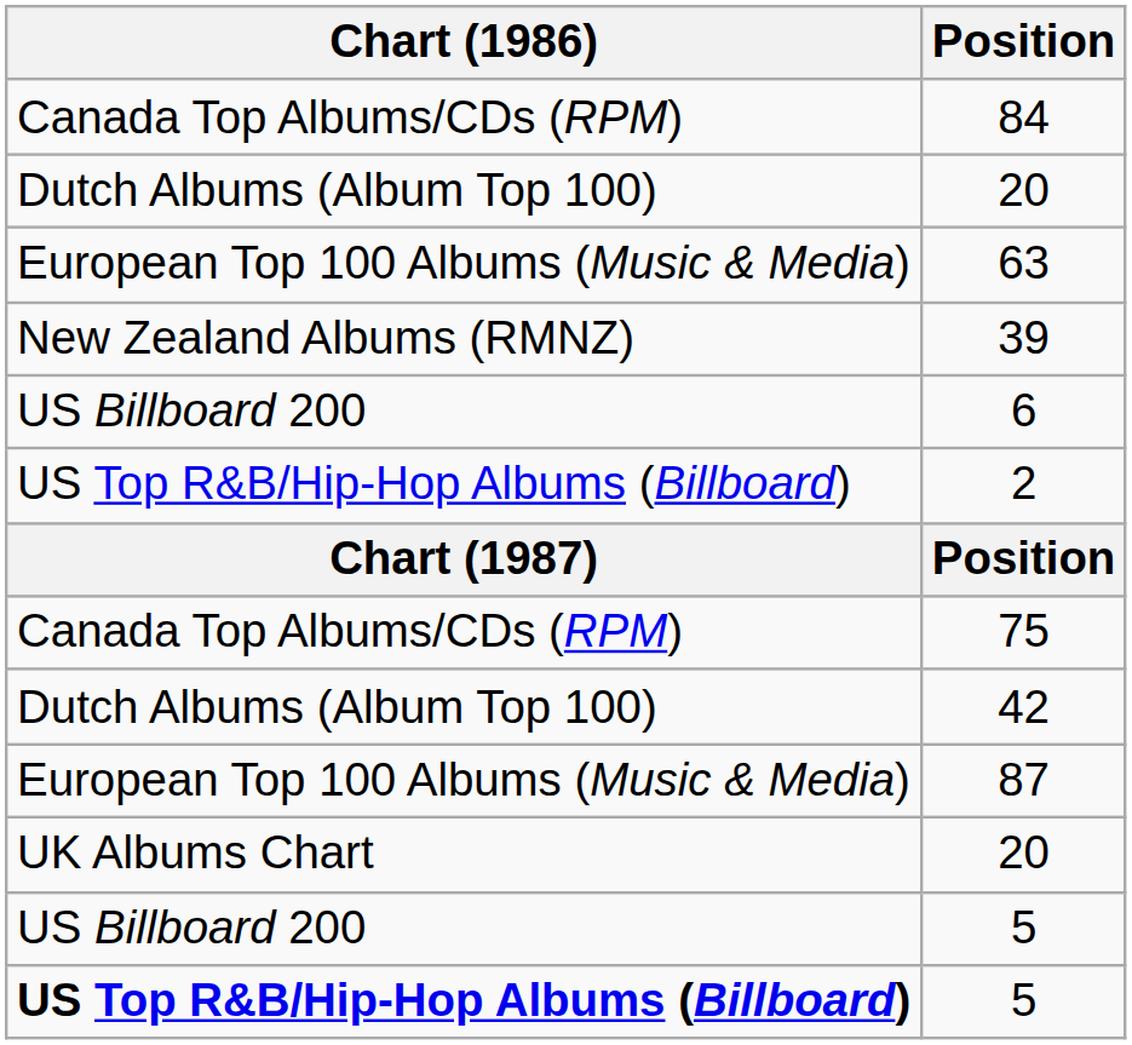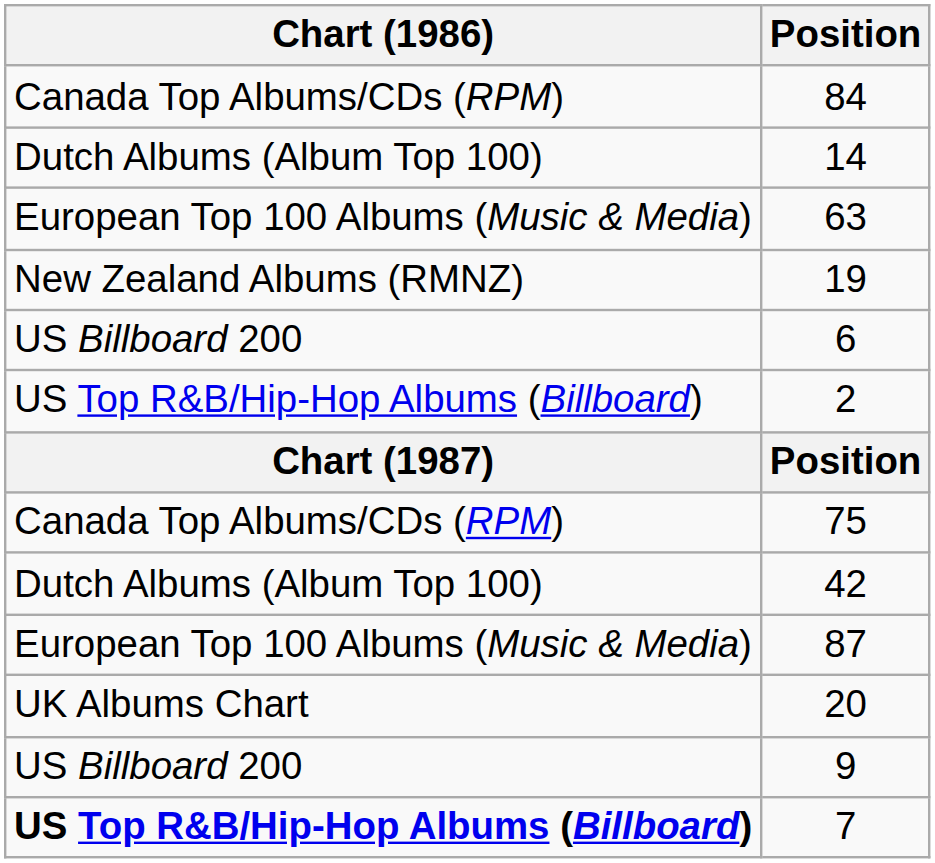 <table class="wikitable">
 <tr>
 <th>Chart (1986)</th>
 <th>Position</th>
 </tr>
 <tr>
 <td>Canada Top Albums/CDs (<em>RPM</em>)</td>
 <td align="center">84</td>
 </tr>
 <tr>
 <td>Dutch Albums (Album Top 100)</td>
-<td align="center">20</td>
+<td align="center">14</td>
 </tr>
 <tr>
 <td>European Top 100 Albums (<em>Music & Media</em>)</td>
 <td align="center">63</td>
 </tr>
 <tr>
 <td>New Zealand Albums (RMNZ)</td>
-<td align="center">39</td>
+<td align="center">19</td>
 </tr>
 <tr>
 <td>US <em>Billboard</em> 200</td>
 <td align="center">6</td>
 </tr>
 <tr>
 <td>US <a href='#'>Top R&B/Hip-Hop Albums</a> (<em><a href='#'>Billboard</a></em>)</td>
 <td align="center">2</td>
 </tr>
 <tr>
 <th>Chart (1987)</th>
 <th>Position</th>
 </tr>
 <tr>
 <td>Canada Top Albums/CDs (<em><a href='#'>RPM</a></em>)</td>
 <td align="center">75</td>
 </tr>
 <tr>
 <td>Dutch Albums (Album Top 100)</td>
 <td align="center">42</td>
 </tr>
 <tr>
 <td>European Top 100 Albums (<em>Music & Media</em>)</td>
 <td align="center">87</td>
 </tr>
 <tr>
 <td>UK Albums Chart</td>
 <td align="center">20</td>
 </tr>
 <tr>
 <td>US <em>Billboard</em> 200</td>
-<td align="center">5</td>
+<td align="center">9</td>
 </tr>
 <tr>
 <td><strong>US <a href='#'>Top R&B/Hip-Hop Albums</a> (<em><a href='#'>Billboard</a></em>)</strong></td>
-<td align="center">5</td>
+<td align="center">7</td>
 </tr>
 </table>
